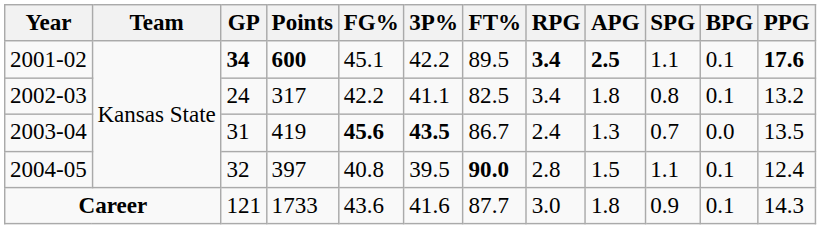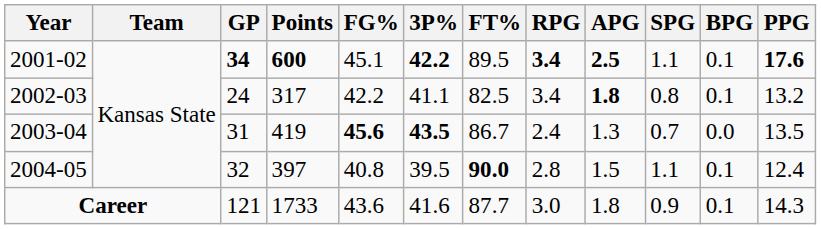 <table class="wikitable sortable">
 <tr>
 <th>Year</th>
 <th>Team</th>
 <th>GP</th>
 <th>Points</th>
 <th>FG%</th>
 <th>3P%</th>
 <th>FT%</th>
 <th>RPG</th>
 <th>APG</th>
 <th>SPG</th>
 <th>BPG</th>
 <th>PPG</th>
 </tr>
 <tr>
 <td>2001-02</td>
 <td rowspan=4>Kansas State</td>
 <td><strong>34</strong></td>
 <td><strong>600</strong></td>
 <td>45.1</td>
-<td>42.2</td>
+<td><strong>42.2</strong></td>
 <td>89.5</td>
 <td><strong>3.4</strong></td>
 <td><strong>2.5</strong></td>
 <td>1.1</td>
 <td>0.1</td>
 <td><strong>17.6</strong></td>
 </tr>
 <tr>
 <td>2002-03</td>
 <td>24</td>
 <td>317</td>
 <td>42.2</td>
 <td>41.1</td>
 <td>82.5</td>
 <td>3.4</td>
-<td>1.8</td>
+<td><strong>1.8</strong></td>
 <td>0.8</td>
 <td>0.1</td>
 <td>13.2</td>
 </tr>
 <tr>
 <td>2003-04</td>
 <td>31</td>
 <td>419</td>
 <td><strong>45.6</strong></td>
 <td><strong>43.5</strong></td>
 <td>86.7</td>
 <td>2.4</td>
 <td>1.3</td>
 <td>0.7</td>
 <td>0.0</td>
 <td>13.5</td>
 </tr>
 <tr>
 <td>2004-05</td>
 <td>32</td>
 <td>397</td>
 <td>40.8</td>
 <td>39.5</td>
 <td><strong>90.0</strong></td>
 <td>2.8</td>
 <td>1.5</td>
 <td>1.1</td>
 <td>0.1</td>
 <td>12.4</td>
 </tr>
 <tr class="sortbottom">
 <td colspan=2 align=center><strong>Career</strong></td>
 <td>121</td>
 <td>1733</td>
 <td>43.6</td>
 <td>41.6</td>
 <td>87.7</td>
 <td>3.0</td>
 <td>1.8</td>
 <td>0.9</td>
 <td>0.1</td>
 <td>14.3</td>
 </tr>
 </table>
